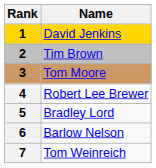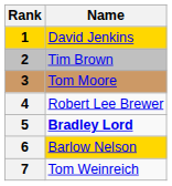 <table class="wikitable">
 <tr>
 <th>Rank</th>
 <th>Name</th>
 </tr>
 <tr bgcolor="gold">
 <td align="center"><strong>1</strong></td>
 <td><a href='#'>David Jenkins</a></td>
 </tr>
 <tr bgcolor="silver">
 <td align="center"><strong>2</strong></td>
 <td><a href='#'>Tim Brown</a></td>
 </tr>
 <tr bgcolor="cc9966">
 <td align="center"><strong>3</strong></td>
 <td><a href='#'>Tom Moore</a></td>
 </tr>
 <tr>
 <th>4</th>
 <td><a href='#'>Robert Lee Brewer</a></td>
 </tr>
 <tr>
 <th>5</th>
-<td><a href='#'>Bradley Lord</a></td>
+<td><strong><a href='#'>Bradley Lord</a></strong></td>
 </tr>
 <tr>
 <th>6</th>
-<td><a href='#'>Barlow Nelson</a></td>
+<td style="background: gold;"><a href='#'>Barlow Nelson</a></td>
 </tr>
 <tr>
 <th>7</th>
 <td><a href='#'>Tom Weinreich</a></td>
 </tr>
 </table>
